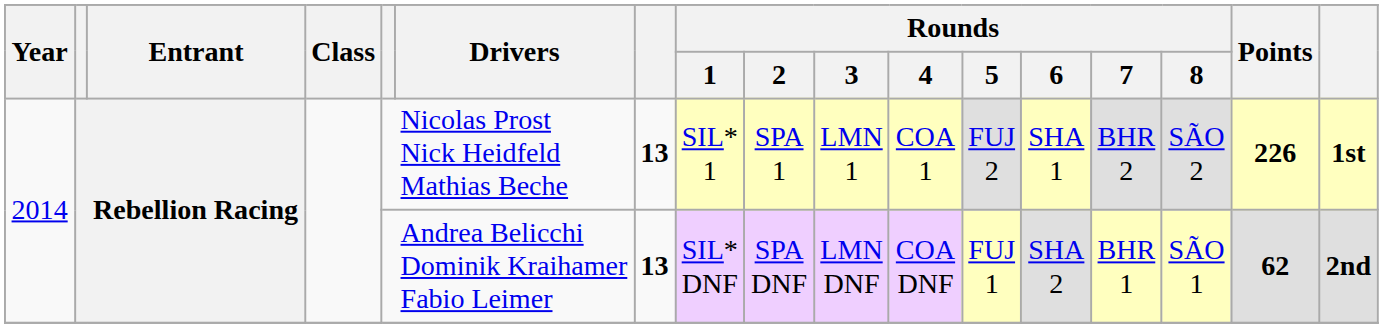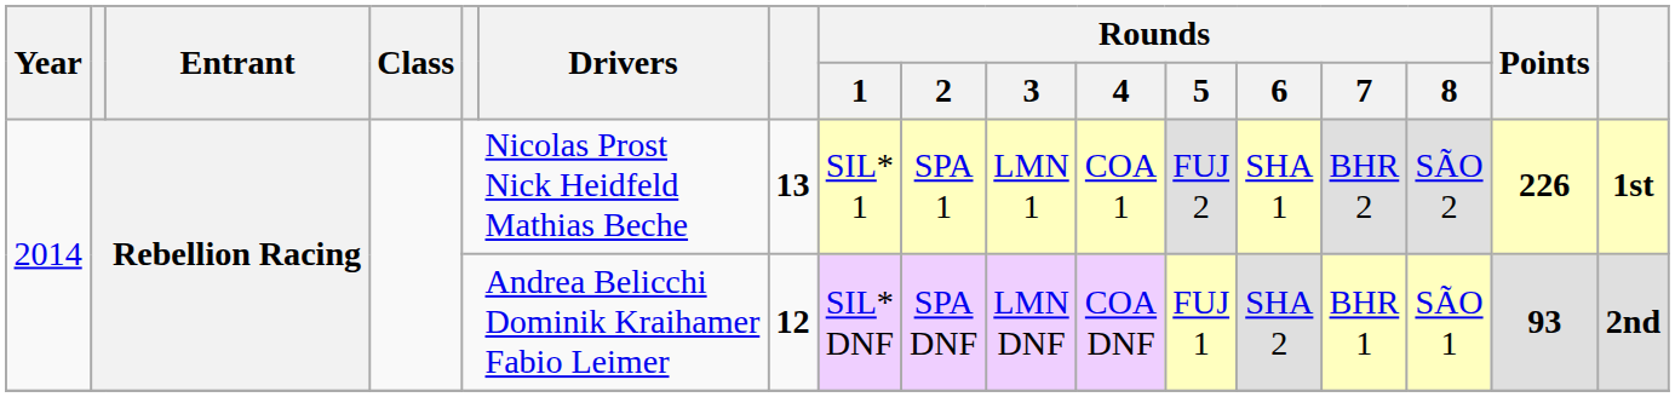 <table class="wikitable" style="text-align:center; font-size:90%">
 <tr>
 <th rowspan="2">Year</th>
 <th rowspan="2"></th>
 <th rowspan="2">Entrant</th>
 <th rowspan="2">Class</th>
 <th rowspan="2"></th>
 <th rowspan="2">Drivers</th>
 <th rowspan="2"></th>
 <th colspan="8">Rounds</th>
 <th rowspan="2">Points</th>
 <th rowspan="2"></th>
 </tr>
 <tr>
 <th>1</th>
 <th>2</th>
 <th>3</th>
 <th>4</th>
 <th>5</th>
 <th>6</th>
 <th>7</th>
 <th>8</th>
 </tr>
 <tr>
 <td rowspan="2"><a href='#'>2014</a></td>
 <th rowspan="2" style="border-right:0px"></th>
 <th rowspan="2" align="left" style="border-left:0px">Rebellion Racing</th>
 <td rowspan="2"></td>
 <td style="border-right:0px"><br><br></td>
 <td align="left" style="border-left:0px"><a href='#'>Nicolas Prost</a><br><a href='#'>Nick Heidfeld</a><br><a href='#'>Mathias Beche</a></td>
 <td><strong>13</strong></td>
 <td style="background:#FFFFBF;"><a href='#'>SIL</a>*<br>1</td>
 <td style="background:#FFFFBF;"><a href='#'>SPA</a> <br>1</td>
 <td style="background:#FFFFBF;"><a href='#'>LMN</a><br>1</td>
 <td style="background:#FFFFBF;"><a href='#'>COA</a><br>1</td>
 <td style="background:#DFDFDF;"><a href='#'>FUJ</a><br>2</td>
 <td style="background:#FFFFBF;"><a href='#'>SHA</a><br>1</td>
 <td style="background:#DFDFDF;"><a href='#'>BHR</a><br>2</td>
 <td style="background:#DFDFDF;"><a href='#'>SÃO</a><br>2</td>
 <td style="background:#FFFFBF;"><strong>226</strong></td>
 <td style="background:#FFFFBF;"><strong>1st</strong></td>
 </tr>
 <tr>
 <td style="border-right:0px"><br><br></td>
 <td align="left" style="border-left:0px"><a href='#'>Andrea Belicchi</a><br><a href='#'>Dominik Kraihamer</a><br><a href='#'>Fabio Leimer</a></td>
-<td><strong>13</strong></td>
+<td><strong>12</strong></td>
 <td style="background:#efcfff;"><a href='#'>SIL</a>*<br>DNF</td>
 <td style="background:#efcfff;"><a href='#'>SPA</a><br>DNF</td>
 <td style="background:#efcfff;"><a href='#'>LMN</a><br>DNF</td>
 <td style="background:#efcfff;"><a href='#'>COA</a><br>DNF</td>
 <td style="background:#FFFFBF;"><a href='#'>FUJ</a><br>1</td>
 <td style="background:#DFDFDF;"><a href='#'>SHA</a><br>2</td>
 <td style="background:#FFFFBF;"><a href='#'>BHR</a><br>1</td>
 <td style="background:#FFFFBF;"><a href='#'>SÃO</a><br>1</td>
-<td style="background:#DFDFDF;"><strong>62</strong></td>
+<td style="background:#DFDFDF;"><strong>93</strong></td>
 <td style="background:#DFDFDF;"><strong>2nd</strong></td>
 </tr>
 <tr>
 </tr>
 </table>
